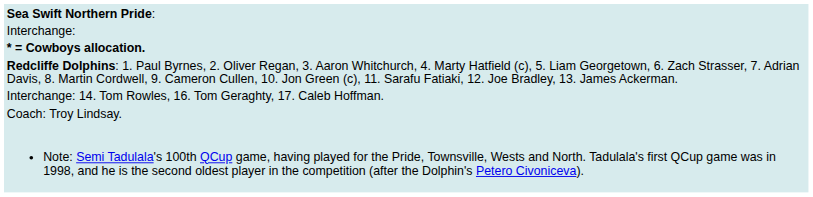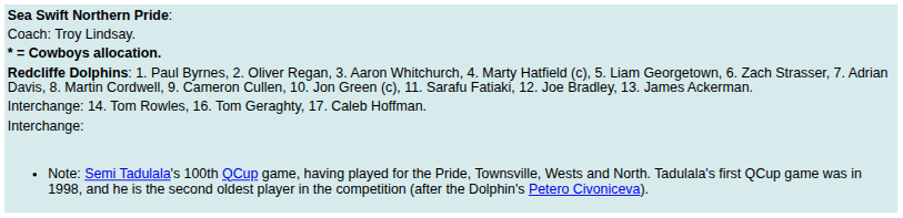 <table style="background:#d7ebed; font-size:85%; width:100%;">
 <tr>
 <td><strong>Sea Swift Northern Pride</strong>:             </td>
 </tr>
 <tr>
-<td>Interchange:    </td>
+<td>Coach: Troy Lindsay.</td>
 </tr>
 <tr>
 <td><strong>* = Cowboys allocation.</strong></td>
 </tr>
 <tr>
 <td><strong>Redcliffe Dolphins</strong>: 1. Paul Byrnes, 2. Oliver Regan, 3. Aaron Whitchurch, 4. Marty Hatfield (c), 5. Liam Georgetown, 6. Zach Strasser, 7. Adrian Davis, 8. Martin Cordwell, 9. Cameron Cullen, 10. Jon Green (c), 11. Sarafu Fatiaki, 12. Joe Bradley, 13. James Ackerman.</td>
 </tr>
 <tr>
 <td>Interchange: 14. Tom Rowles, 16. Tom Geraghty, 17. Caleb Hoffman.</td>
 </tr>
 <tr>
-<td>Coach: Troy Lindsay.</td>
+<td>Interchange:    </td>
 </tr>
 <tr>
 <td><br><ul><li>Note: <a href='#'>Semi Tadulala</a>'s 100th <a href='#'>QCup</a> game, having played for the Pride, Townsville, Wests and North. Tadulala's first QCup game was in 1998, and he is the second oldest player in the competition (after the Dolphin's <a href='#'>Petero Civoniceva</a>).</li></ul></td>
 </tr>
 </table>
